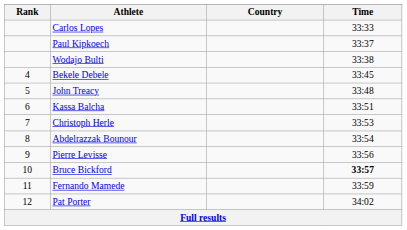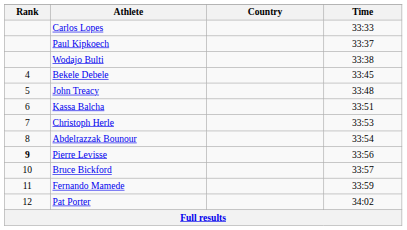 <table class="wikitable sortable" style=" text-align:center; font-size:95%;" width="50%">
 <tr>
 </tr>
 <tr>
 <th width=5%>Rank</th>
 <th width=20%>Athlete</th>
 <th width=15%>Country</th>
 <th width=10%>Time</th>
 </tr>
 <tr>
 <td align=center></td>
 <td align=left><a href='#'>Carlos Lopes</a></td>
 <td align=left></td>
 <td>33:33</td>
 </tr>
 <tr>
 <td align=center></td>
 <td align=left><a href='#'>Paul Kipkoech</a></td>
 <td align=left></td>
 <td>33:37</td>
 </tr>
 <tr>
 <td align=center></td>
 <td align=left><a href='#'>Wodajo Bulti</a></td>
 <td align=left></td>
 <td>33:38</td>
 </tr>
 <tr>
 <td align=center>4</td>
 <td align=left><a href='#'>Bekele Debele</a></td>
 <td align=left></td>
 <td>33:45</td>
 </tr>
 <tr>
 <td align=center>5</td>
 <td align=left><a href='#'>John Treacy</a></td>
 <td align=left></td>
 <td>33:48</td>
 </tr>
 <tr>
 <td align=center>6</td>
 <td align=left><a href='#'>Kassa Balcha</a></td>
 <td align=left></td>
 <td>33:51</td>
 </tr>
 <tr>
 <td align=center>7</td>
 <td align=left><a href='#'>Christoph Herle</a></td>
 <td align=left></td>
 <td>33:53</td>
 </tr>
 <tr>
 <td align=center>8</td>
 <td align=left><a href='#'>Abdelrazzak Bounour</a></td>
 <td align=left></td>
 <td>33:54</td>
 </tr>
 <tr>
-<td align=center>9</td>
+<td align=center><strong>9</strong></td>
 <td align=left><a href='#'>Pierre Levisse</a></td>
 <td align=left></td>
 <td>33:56</td>
 </tr>
 <tr>
 <td align=center>10</td>
 <td align=left><a href='#'>Bruce Bickford</a></td>
 <td align=left></td>
-<td><strong>33:57</strong></td>
+<td>33:57</td>
 </tr>
 <tr>
 <td align=center>11</td>
 <td align=left><a href='#'>Fernando Mamede</a></td>
 <td align=left></td>
 <td>33:59</td>
 </tr>
 <tr>
 <td align=center>12</td>
 <td align=left><a href='#'>Pat Porter</a></td>
 <td align=left></td>
 <td>34:02</td>
 </tr>
 <tr class="sortbottom">
 <th colspan=4 align=center><a href='#'>Full results</a></th>
 </tr>
 </table>
